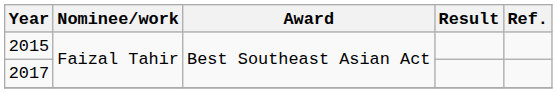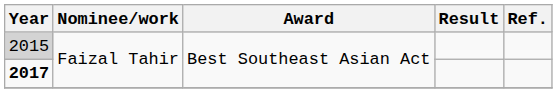 <table class="wikitable">
 <tr>
 <th>Year</th>
 <th>Nominee/work</th>
 <th>Award</th>
 <th>Result</th>
 <th>Ref.</th>
 </tr>
 <tr>
-<td>2015</td>
+<td style="background: lightgrey;">2015</td>
 <td rowspan="2">Faizal Tahir</td>
 <td rowspan="2">Best Southeast Asian Act</td>
 <td></td>
 <td></td>
 </tr>
 <tr>
-<td>2017</td>
+<td><strong>2017</strong></td>
 <td></td>
 <td></td>
 </tr>
 <tr>
 </tr>
 </table>
